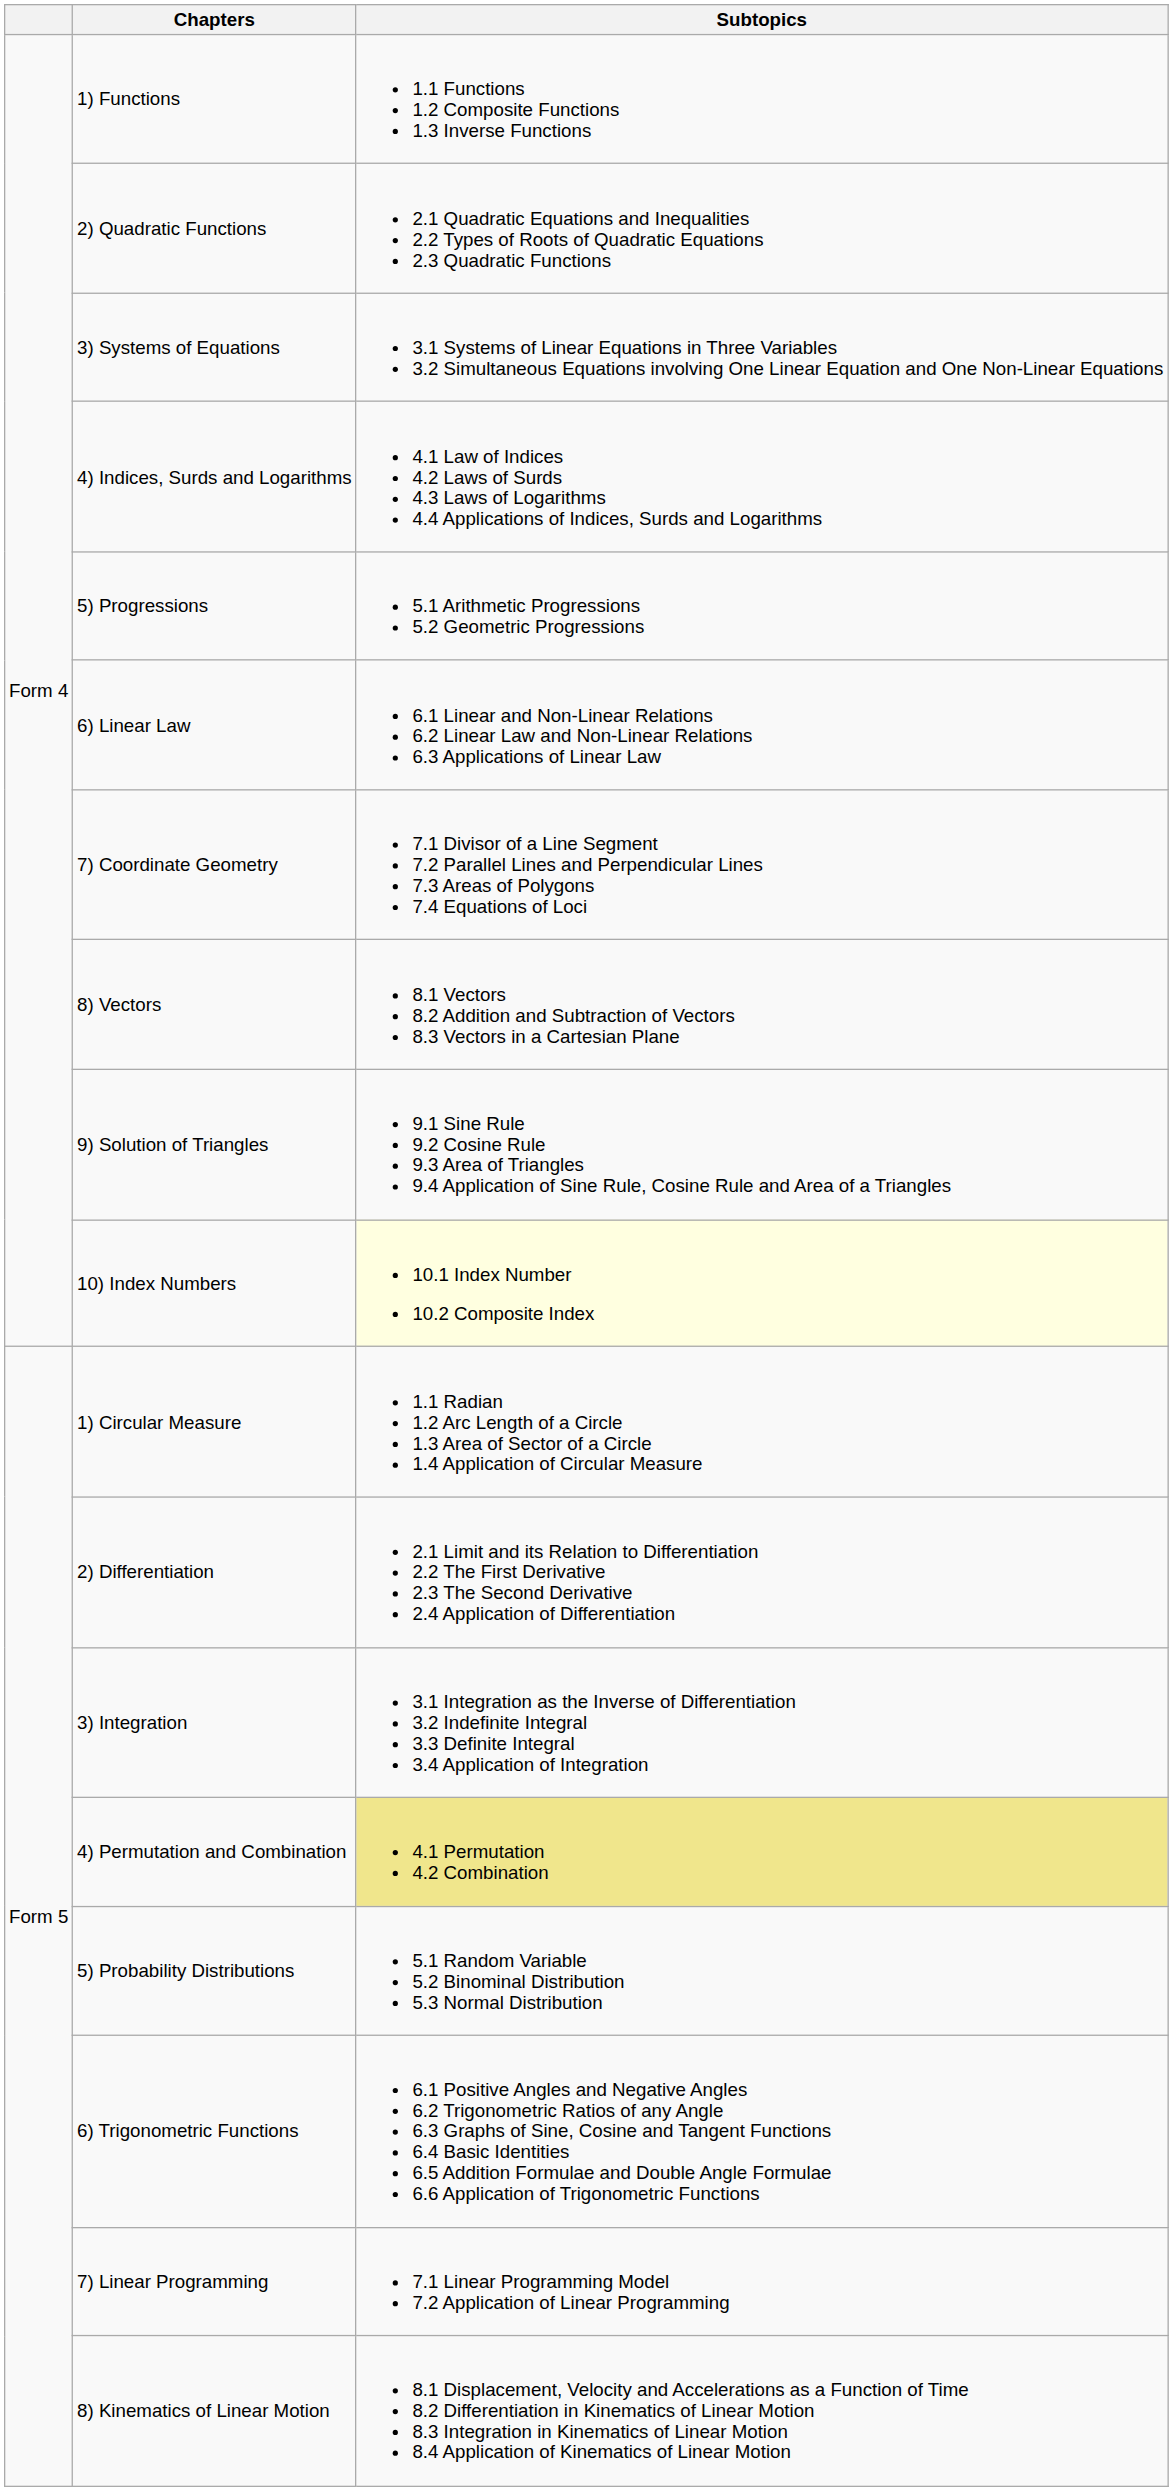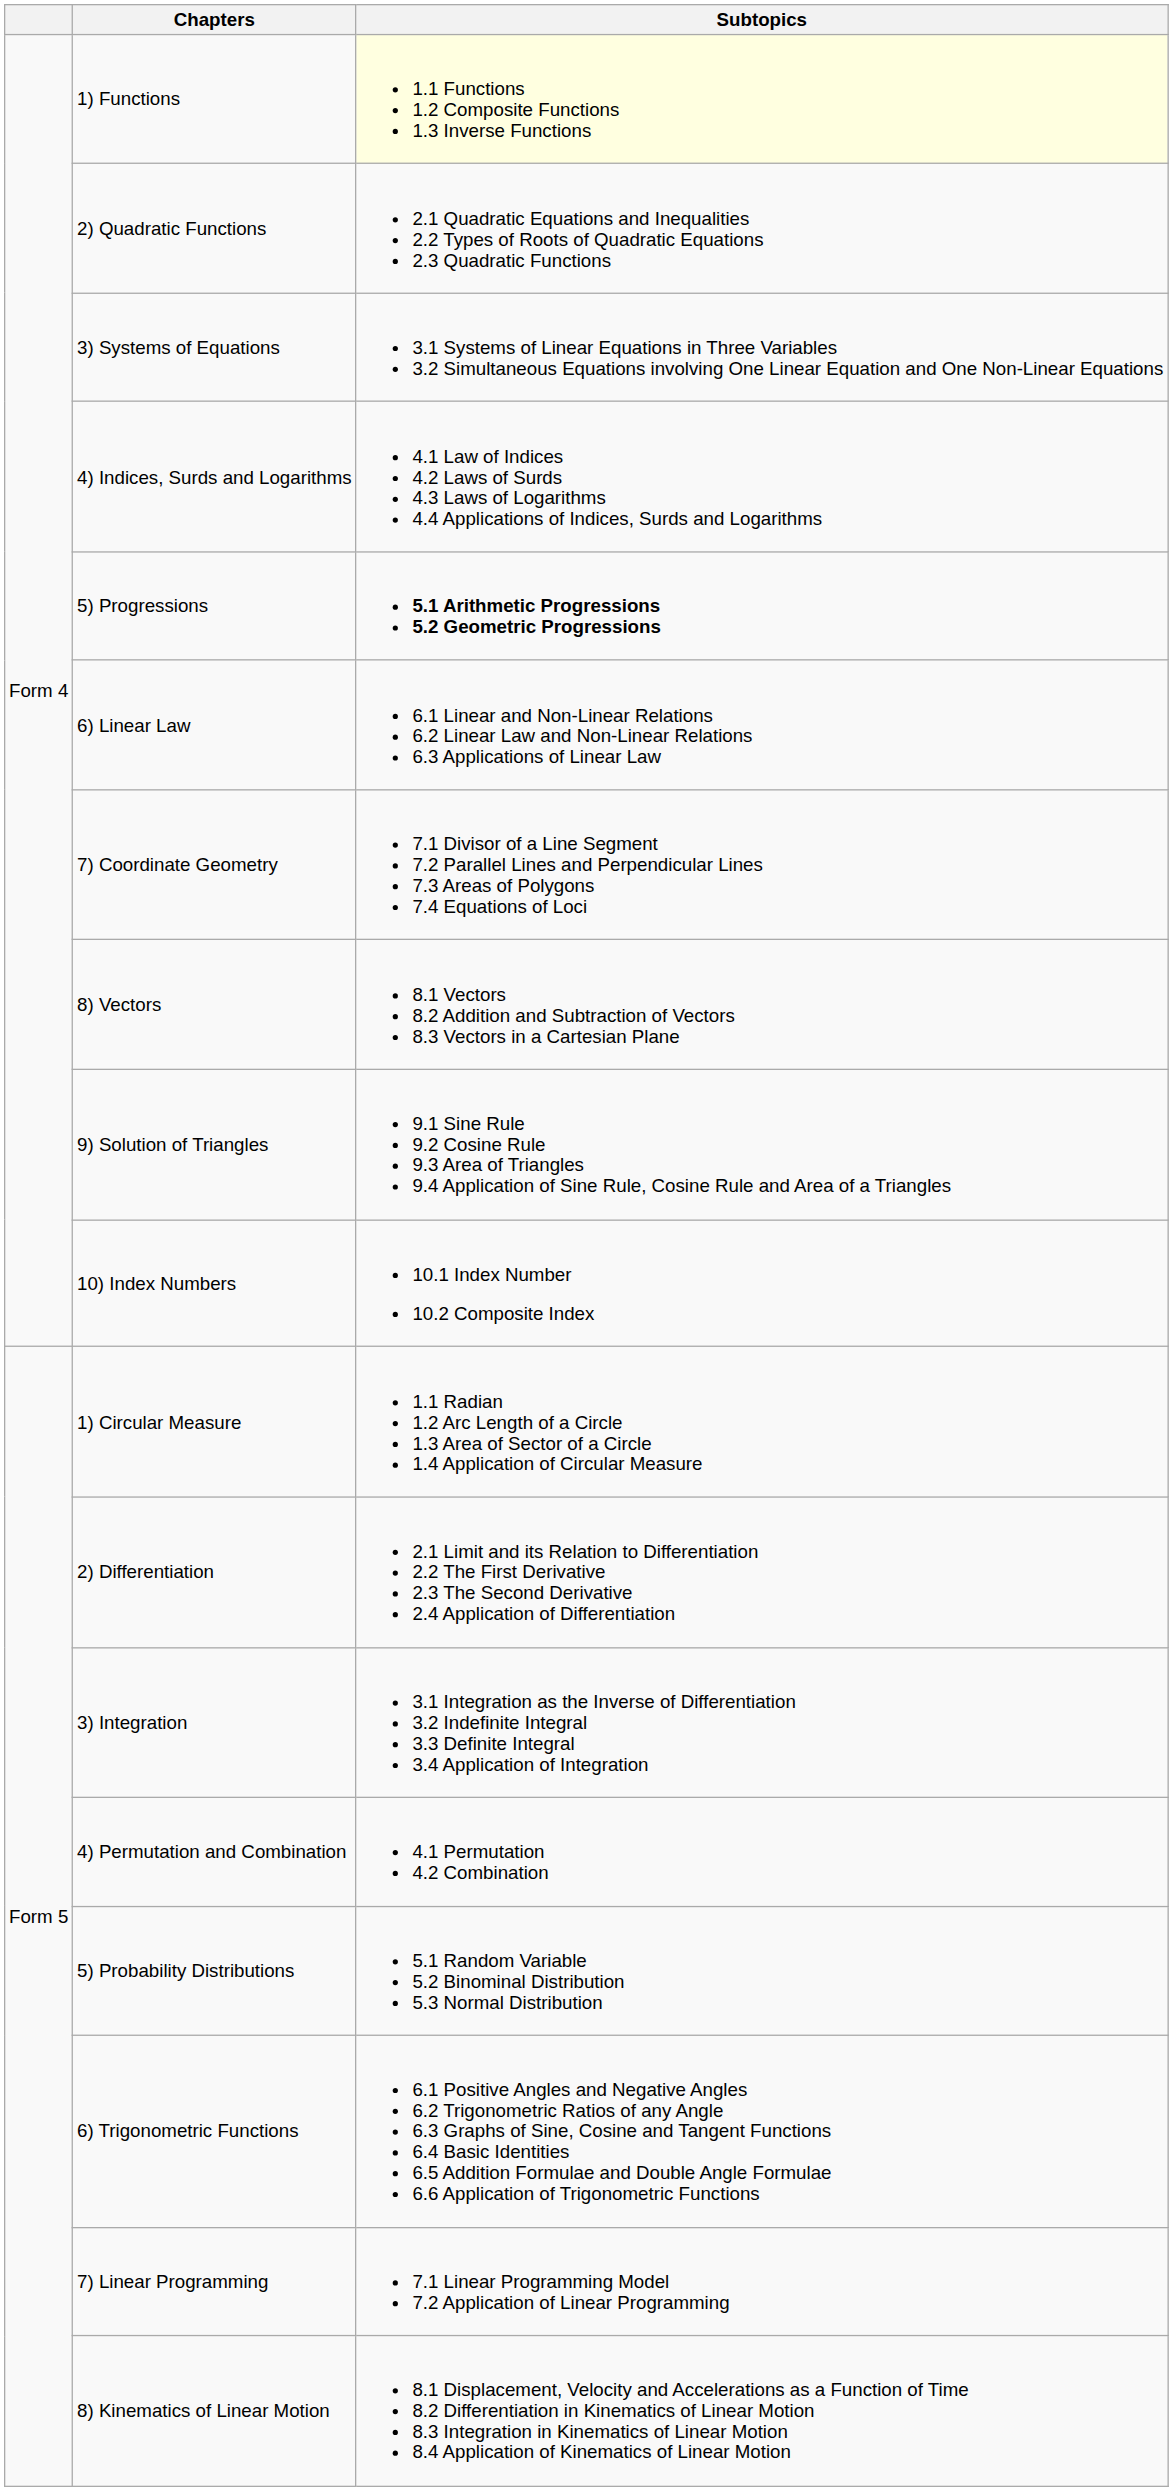 <table class="wikitable sortable mw-collapsible" style="white-space:nowrap;font-size:90%">
 <tr>
 <th></th>
 <th>Chapters</th>
 <th>Subtopics</th>
 </tr>
 <tr>
 <td rowspan="10">Form 4</td>
 <td>1) Functions</td>
-<td><br><ul><li>1.1 Functions</li><li>1.2 Composite Functions</li><li>1.3 Inverse Functions</li></ul></td>
+<td style="background: lightyellow;"><br><ul><li>1.1 Functions</li><li>1.2 Composite Functions</li><li>1.3 Inverse Functions</li></ul></td>
 </tr>
 <tr>
 <td>2) Quadratic Functions</td>
 <td><br><ul><li>2.1 Quadratic Equations and Inequalities</li><li>2.2 Types of Roots of Quadratic Equations</li><li>2.3 Quadratic Functions</li></ul></td>
 </tr>
 <tr>
 <td>3) Systems of Equations</td>
 <td><br><ul><li>3.1 Systems of Linear Equations in Three Variables</li><li>3.2 Simultaneous Equations involving One Linear Equation and One Non-Linear Equations</li></ul></td>
 </tr>
 <tr>
 <td>4) Indices, Surds and Logarithms</td>
 <td><br><ul><li>4.1 Law of Indices</li><li>4.2 Laws of Surds</li><li>4.3 Laws of Logarithms</li><li>4.4 Applications of Indices, Surds and Logarithms</li></ul></td>
 </tr>
 <tr>
 <td>5) Progressions</td>
-<td><br><ul><li>5.1 Arithmetic Progressions</li><li>5.2 Geometric Progressions</li></ul></td>
+<td><strong><br><ul><li>5.1 Arithmetic Progressions</li><li>5.2 Geometric Progressions</li></ul></strong></td>
 </tr>
 <tr>
 <td>6) Linear Law</td>
 <td><br><ul><li>6.1 Linear and Non-Linear Relations</li><li>6.2 Linear Law and Non-Linear Relations</li><li>6.3 Applications of Linear Law</li></ul></td>
 </tr>
 <tr>
 <td>7) Coordinate Geometry</td>
 <td><br><ul><li>7.1 Divisor of a Line Segment</li><li>7.2 Parallel Lines and Perpendicular Lines</li><li>7.3 Areas of Polygons</li><li>7.4 Equations of Loci</li></ul></td>
 </tr>
 <tr>
 <td>8) Vectors</td>
 <td><br><ul><li>8.1 Vectors</li><li>8.2 Addition and Subtraction of Vectors</li><li>8.3 Vectors in a Cartesian Plane</li></ul></td>
 </tr>
 <tr>
 <td>9) Solution of Triangles</td>
 <td><br><ul><li>9.1 Sine Rule</li><li>9.2 Cosine Rule</li><li>9.3 Area of Triangles</li><li>9.4 Application of Sine Rule, Cosine Rule and Area of a Triangles</li></ul></td>
 </tr>
 <tr>
 <td>10) Index Numbers</td>
-<td style="background: lightyellow;"><br><ul><li>10.1 Index Number</li></ul><ul><li>10.2 Composite Index</li></ul></td>
+<td><br><ul><li>10.1 Index Number</li></ul><ul><li>10.2 Composite Index</li></ul></td>
 </tr>
 <tr>
 <td rowspan="8">Form 5</td>
 <td>1) Circular Measure</td>
 <td><br><ul><li>1.1 Radian</li><li>1.2 Arc Length of a Circle</li><li>1.3 Area of Sector of a Circle</li><li>1.4 Application of Circular Measure</li></ul></td>
 </tr>
 <tr>
 <td>2) Differentiation</td>
 <td><br><ul><li>2.1 Limit and its Relation to Differentiation</li><li>2.2 The First Derivative</li><li>2.3 The Second Derivative</li><li>2.4 Application of Differentiation</li></ul></td>
 </tr>
 <tr>
 <td>3) Integration</td>
 <td><br><ul><li>3.1 Integration as the Inverse of Differentiation</li><li>3.2 Indefinite Integral</li><li>3.3 Definite Integral</li><li>3.4 Application of Integration</li></ul></td>
 </tr>
 <tr>
 <td>4) Permutation and Combination</td>
-<td style="background: khaki;"><br><ul><li>4.1 Permutation</li><li>4.2 Combination</li></ul></td>
+<td><br><ul><li>4.1 Permutation</li><li>4.2 Combination</li></ul></td>
 </tr>
 <tr>
 <td>5) Probability Distributions</td>
 <td><br><ul><li>5.1 Random Variable</li><li>5.2 Binominal Distribution</li><li>5.3 Normal Distribution</li></ul></td>
 </tr>
 <tr>
 <td>6) Trigonometric Functions</td>
 <td><br><ul><li>6.1 Positive Angles and Negative Angles</li><li>6.2 Trigonometric Ratios of any Angle</li><li>6.3 Graphs of Sine, Cosine and Tangent Functions</li><li>6.4 Basic Identities</li><li>6.5 Addition Formulae and Double Angle Formulae</li><li>6.6 Application of Trigonometric Functions</li></ul></td>
 </tr>
 <tr>
 <td>7) Linear Programming</td>
 <td><br><ul><li>7.1 Linear Programming Model</li><li>7.2 Application of Linear Programming</li></ul></td>
 </tr>
 <tr>
 <td>8) Kinematics of Linear Motion</td>
 <td><br><ul><li>8.1 Displacement, Velocity and Accelerations as a Function of Time</li><li>8.2 Differentiation in Kinematics of Linear Motion</li><li>8.3 Integration in Kinematics of Linear Motion</li><li>8.4 Application of Kinematics of Linear Motion</li></ul></td>
 </tr>
 </table>
